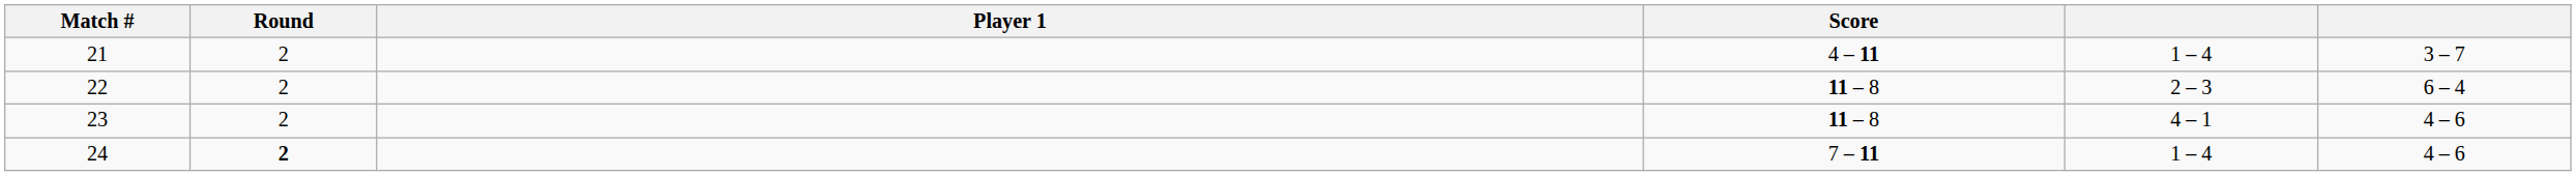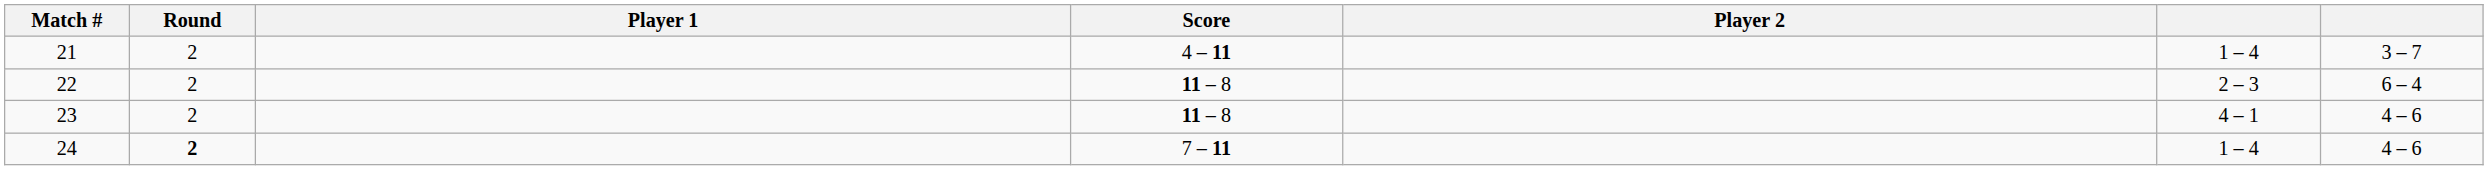 <table class="wikitable">
 <tr>
 <th width="2%">Match #</th>
 <th width="2%">Round</th>
 <th width="15%">Player 1</th>
 <th width="5%">Score</th>
+<th width="15%">Player 2</th>
 <th width="3%"></th>
 <th width="3%"></th>
 </tr>
 <tr style=text-align:center;"background:#;">
 <td>21</td>
 <td>2</td>
 <td></td>
 <td>4 – <strong>11</strong></td>
+<td></td>
 <td>1 – 4</td>
 <td>3 – 7</td>
 </tr>
 <tr style=text-align:center;"background:#;">
 <td>22</td>
 <td>2</td>
 <td></td>
 <td><strong>11</strong> – 8</td>
+<td></td>
 <td>2 – 3</td>
 <td>6 – 4</td>
 </tr>
 <tr style=text-align:center;"background:#;">
 <td>23</td>
 <td>2</td>
 <td></td>
 <td><strong>11</strong> – 8</td>
+<td></td>
 <td>4 – 1</td>
 <td>4 – 6</td>
 </tr>
 <tr style=text-align:center;"background:#;">
 <td>24</td>
 <td><strong>2</strong></td>
 <td></td>
 <td>7 – <strong>11</strong></td>
+<td></td>
 <td>1 – 4</td>
 <td>4 – 6</td>
 </tr>
 </table>
